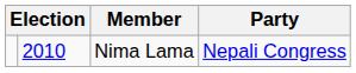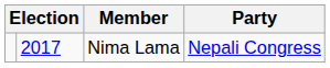 <table class="wikitable">
 <tr>
 <th colspan="2">Election</th>
 <th>Member</th>
 <th>Party</th>
 </tr>
 <tr>
 <td style="background-color:"></td>
-<td><a href='#'>2010</a></td>
+<td><a href='#'>2017</a></td>
 <td>Nima Lama</td>
 <td><a href='#'>Nepali Congress</a></td>
 </tr>
 </table>
